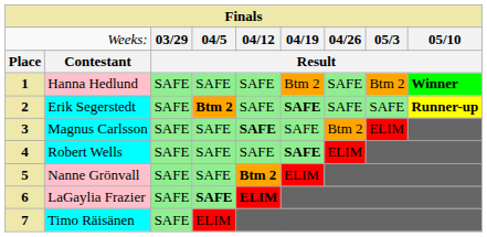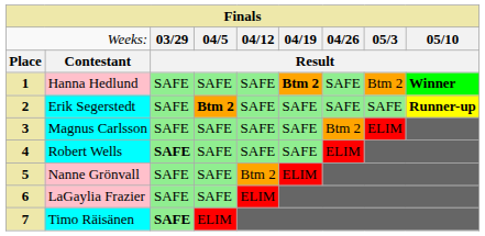 <table class="wikitable" style="margin:auto;">
 <tr>
 <td colspan="10"  style="background:palegoldenrod; text-align:Center;"><strong>Finals</strong></td>
 </tr>
 <tr>
 <td colspan="2" style="text-align:right;"><em>Weeks:</em></td>
 <th>03/29</th>
 <th>04/5</th>
 <th>04/12</th>
 <th>04/19</th>
 <th>04/26</th>
 <th>05/3</th>
 <th>05/10</th>
 </tr>
 <tr>
 <th>Place</th>
 <th>Contestant</th>
 <th colspan="15" style="text-align:center;">Result</th>
 </tr>
 <tr>
 <td style="text-align:center; background:palegoldenrod;"><strong>1</strong></td>
 <td style="background:Pink;">Hanna Hedlund</td>
 <td style="background: lightgreen">SAFE</td>
 <td style="background: lightgreen">SAFE</td>
 <td style="background: lightgreen">SAFE</td>
-<td style="background: orange">Btm 2</td>
+<td style="background: orange"><strong>Btm 2</strong></td>
 <td style="background: lightgreen">SAFE</td>
 <td style="background: orange">Btm 2</td>
 <td style="background: Lime"><strong>Winner</strong></td>
 </tr>
 <tr>
 <td style="text-align:center; background:palegoldenrod;"><strong>2</strong></td>
 <td style="background:cyan;">Erik Segerstedt</td>
 <td style="background: lightgreen">SAFE</td>
 <td style="background: orange"><strong>Btm 2</strong></td>
 <td style="background: lightgreen">SAFE</td>
-<td style="background: lightgreen"><strong>SAFE</strong></td>
+<td style="background: lightgreen">SAFE</td>
 <td style="background: lightgreen">SAFE</td>
 <td style="background: lightgreen">SAFE</td>
 <td style="background: yellow"><strong>Runner-up</strong></td>
 </tr>
 <tr>
 <td style="text-align:center; background:palegoldenrod;"><strong>3</strong></td>
 <td style="background:cyan;">Magnus Carlsson</td>
 <td style="background: lightgreen">SAFE</td>
 <td style="background: lightgreen">SAFE</td>
-<td style="background: lightgreen"><strong>SAFE</strong></td>
+<td style="background: lightgreen">SAFE</td>
 <td style="background: lightgreen">SAFE</td>
 <td style="background: orange">Btm 2</td>
 <td style="background: red"><span>ELIM</span></td>
 <td style="background:#666;"></td>
 </tr>
 <tr>
 <td style="text-align:center; background:palegoldenrod;"><strong>4</strong></td>
 <td style="background:Cyan;">Robert Wells</td>
+<td style="background: lightgreen"><strong>SAFE</strong></td>
 <td style="background: lightgreen">SAFE</td>
 <td style="background: lightgreen">SAFE</td>
 <td style="background: lightgreen">SAFE</td>
-<td style="background: lightgreen"><strong>SAFE</strong></td>
 <td style="background: red"><span>ELIM</span></td>
 <td colspan="2" style="background:#666;"></td>
 </tr>
 <tr>
 <td style="text-align:center; background:palegoldenrod;"><strong>5</strong></td>
 <td style="background:pink;">Nanne Grönvall</td>
 <td style="background: lightgreen">SAFE</td>
 <td style="background: lightgreen">SAFE</td>
-<td style="background: orange"><strong>Btm 2</strong></td>
+<td style="background: orange">Btm 2</td>
 <td style="background: red"><span>ELIM</span></td>
 <td colspan="3" style="background:#666;"></td>
 </tr>
 <tr>
 <td style="text-align:center; background:palegoldenrod;"><strong>6</strong></td>
 <td style="background:pink;">LaGaylia Frazier</td>
 <td style="background: lightgreen">SAFE</td>
-<td style="background: lightgreen"><strong>SAFE</strong></td>
-<td style="background: red"><strong><span>ELIM</span></strong></td>
+<td style="background: lightgreen">SAFE</td>
+<td style="background: red"><span>ELIM</span></td>
 <td colspan="4" style="background:#666;"></td>
 </tr>
 <tr>
 <td style="text-align:center; background:palegoldenrod;"><strong>7</strong></td>
 <td style="background:cyan;">Timo Räisänen</td>
-<td style="background: lightgreen">SAFE</td>
+<td style="background: lightgreen"><strong>SAFE</strong></td>
 <td style="background: red"><span>ELIM</span></td>
 <td colspan="5" style="background:#666;"></td>
 </tr>
 </table>
